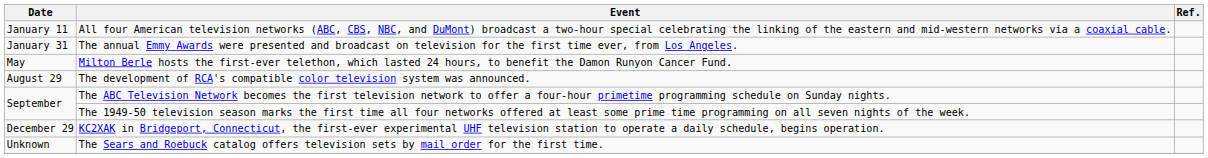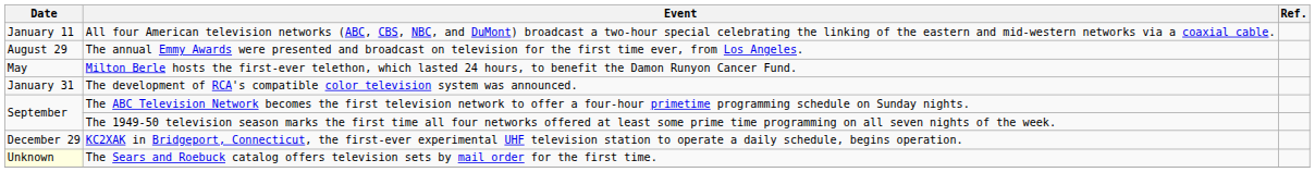 <table class="wikitable sortable">
 <tr>
 <th>Date</th>
 <th>Event</th>
 <th>Ref.</th>
 </tr>
 <tr>
 <td>January 11</td>
 <td>All four American television networks (<a href='#'>ABC</a>, <a href='#'>CBS</a>, <a href='#'>NBC</a>, and <a href='#'>DuMont</a>) broadcast a two-hour special celebrating the linking of the eastern and mid-western networks via a <a href='#'>coaxial cable</a>.</td>
 <td></td>
 </tr>
 <tr>
-<td>January 31</td>
+<td>August 29</td>
 <td>The annual <a href='#'>Emmy Awards</a> were presented and broadcast on television for the first time ever, from <a href='#'>Los Angeles</a>.</td>
 <td></td>
 </tr>
 <tr>
 <td>May</td>
 <td><a href='#'>Milton Berle</a> hosts the first-ever telethon, which lasted 24 hours, to benefit the Damon Runyon Cancer Fund.</td>
 <td></td>
 </tr>
 <tr>
-<td>August 29</td>
+<td>January 31</td>
 <td>The development of <a href='#'>RCA</a>'s compatible <a href='#'>color television</a> system was announced.</td>
 <td></td>
 </tr>
 <tr>
 <td rowspan=2>September</td>
 <td>The <a href='#'>ABC Television Network</a> becomes the first television network to offer a four-hour <a href='#'>primetime</a> programming schedule on Sunday nights.</td>
 <td></td>
 </tr>
 <tr>
 <td>The 1949-50 television season marks the first time all four networks offered at least some prime time programming on all seven nights of the week.</td>
 <td></td>
 </tr>
 <tr>
 <td>December 29</td>
 <td><a href='#'>KC2XAK</a> in <a href='#'>Bridgeport, Connecticut</a>, the first-ever experimental <a href='#'>UHF</a> television station to operate a daily schedule, begins operation.</td>
 <td></td>
 </tr>
 <tr>
-<td>Unknown</td>
+<td style="background: lightyellow;">Unknown</td>
 <td>The <a href='#'>Sears and Roebuck</a> catalog offers television sets by <a href='#'>mail order</a> for the first time.</td>
 <td></td>
 </tr>
 <tr>
 </tr>
 </table>
